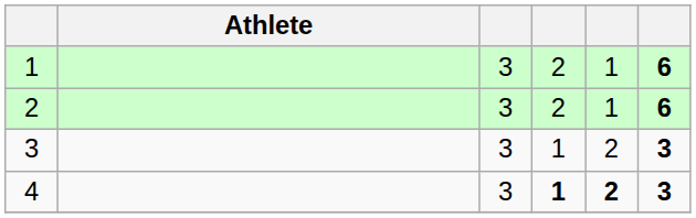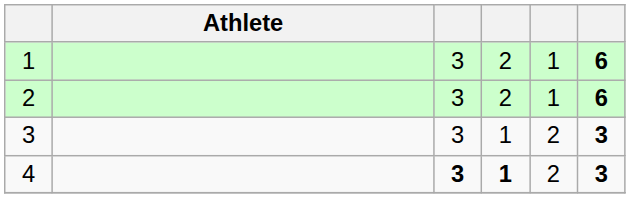 <table class="wikitable" style="text-align: center; font-size:100% ">
 <tr>
 <th width=25></th>
 <th width=250>Athlete</th>
 <th width=25></th>
 <th width=25></th>
 <th width=25></th>
 <th width=25></th>
 </tr>
 <tr bgcolor="ccffcc">
 <td>1</td>
 <td align=left></td>
 <td>3</td>
 <td>2</td>
 <td>1</td>
 <td><strong>6</strong></td>
 </tr>
 <tr bgcolor="ccffcc">
 <td>2</td>
 <td align=left></td>
 <td>3</td>
 <td>2</td>
 <td>1</td>
 <td><strong>6</strong></td>
 </tr>
 <tr>
 <td>3</td>
 <td align=left></td>
 <td>3</td>
 <td>1</td>
 <td>2</td>
 <td><strong>3</strong></td>
 </tr>
 <tr>
 <td>4</td>
 <td align=left></td>
-<td>3</td>
+<td><strong>3</strong></td>
 <td><strong>1</strong></td>
-<td><strong>2</strong></td>
+<td>2</td>
 <td><strong>3</strong></td>
 </tr>
 <tr>
 </tr>
 </table>
